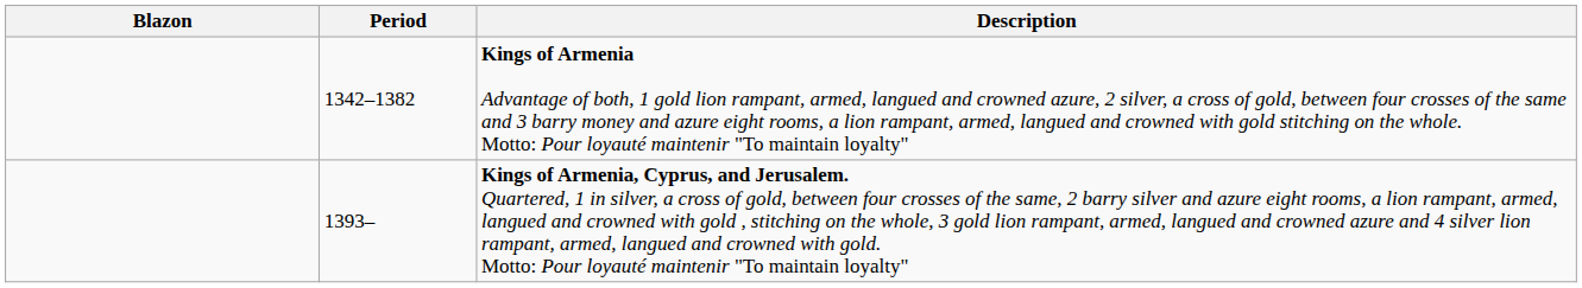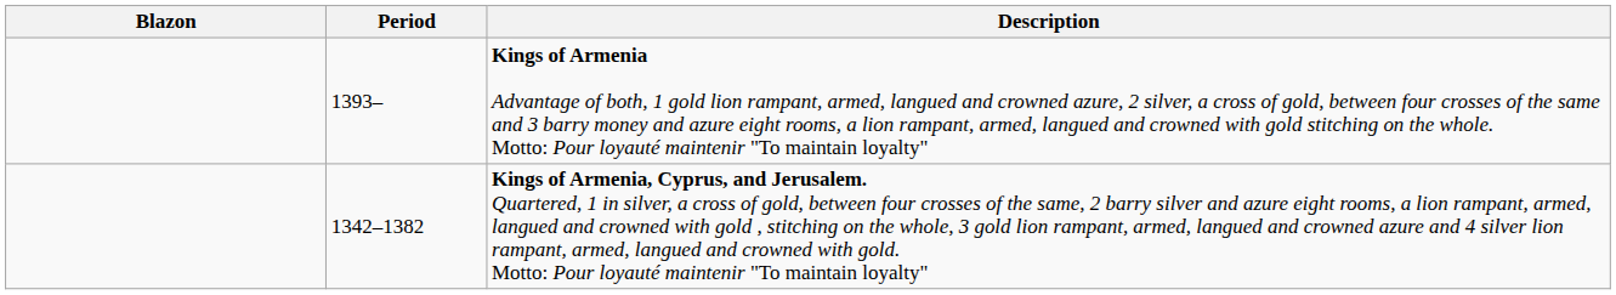 <table class="wikitable">
 <tr>
 <th style="width:20%;">Blazon</th>
 <th style="width:10%;">Period</th>
 <th style="width:70%;">Description</th>
 </tr>
 <tr>
 <td></td>
-<td>1342–1382</td>
+<td>1393–</td>
 <td><strong>Kings of Armenia</strong><br><br><em>Advantage of both, 1 gold lion rampant, armed, langued and crowned azure, 2 silver, a cross of gold, between four crosses of the same and 3 barry money and azure eight rooms, a lion rampant, armed, langued and crowned with gold stitching on the whole.</em><br>Motto: <em>Pour loyauté maintenir</em> "To maintain loyalty" </td>
 </tr>
 <tr>
 <td></td>
-<td>1393–</td>
+<td>1342–1382</td>
 <td><strong>Kings of Armenia, Cyprus, and Jerusalem.</strong><br><em>Quartered, 1 in silver, a cross of gold, between four crosses of the same, 2 barry silver and azure eight rooms, a lion rampant, armed, langued and crowned with gold , stitching on the whole, 3 gold lion rampant, armed, langued and crowned azure and 4 silver lion rampant, armed, langued and crowned with gold.</em><br>Motto: <em>Pour loyauté maintenir</em> "To maintain loyalty"</td>
 </tr>
 </table>
